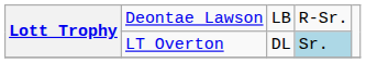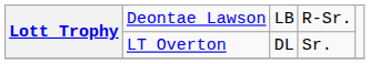 <table class="wikitable">
 <tr align="center">
 <th rowspan=2><a href='#'>Lott Trophy</a></th>
 <td><a href='#'>Deontae Lawson</a></td>
 <td>LB</td>
 <td>R-Sr.</td>
 <td rowspan=2></td>
 </tr>
 <tr>
 <td><a href='#'>LT Overton</a></td>
 <td>DL</td>
-<td style="background: lightblue;">Sr.</td>
+<td>Sr.</td>
 </tr>
 <tr>
 </tr>
 </table>
